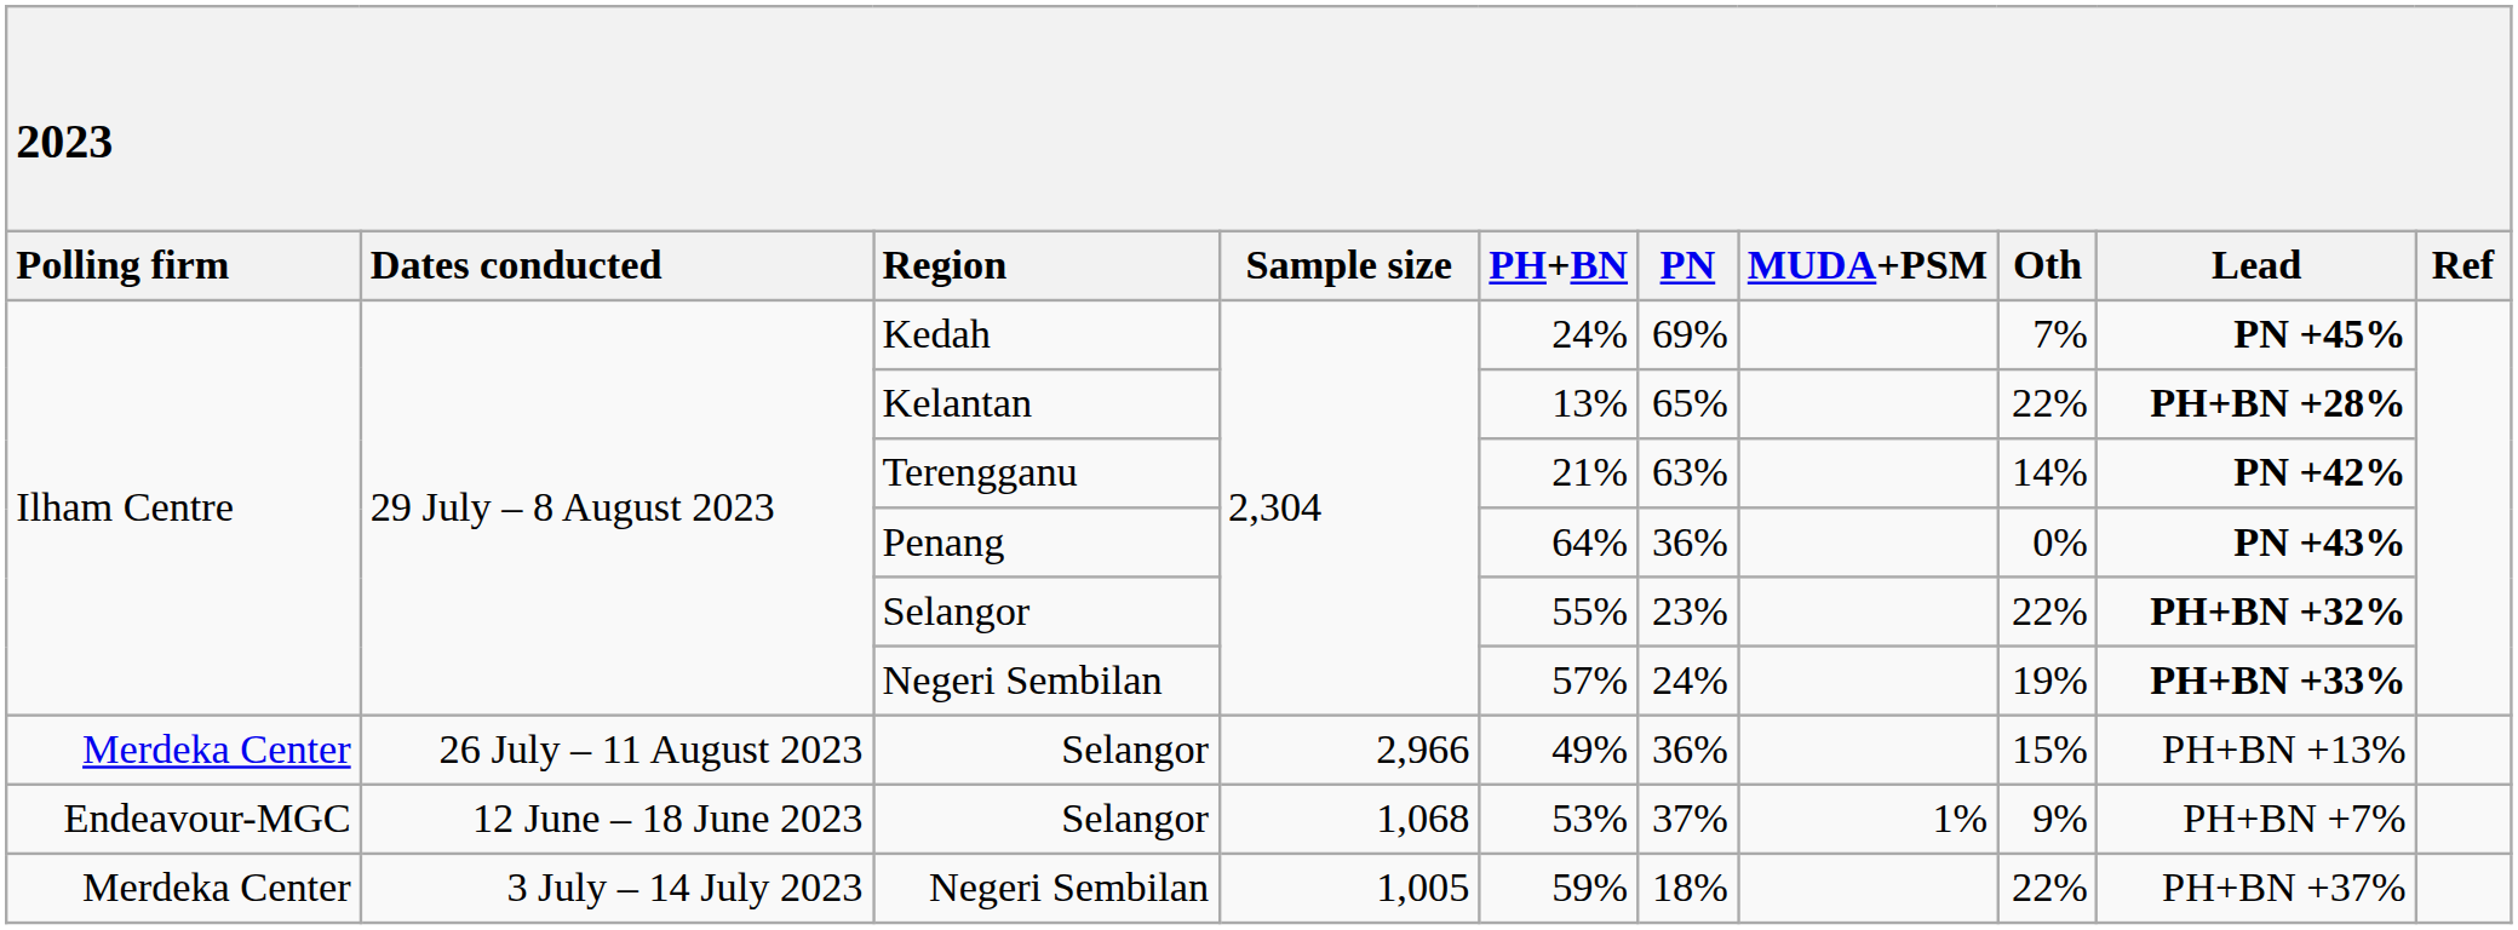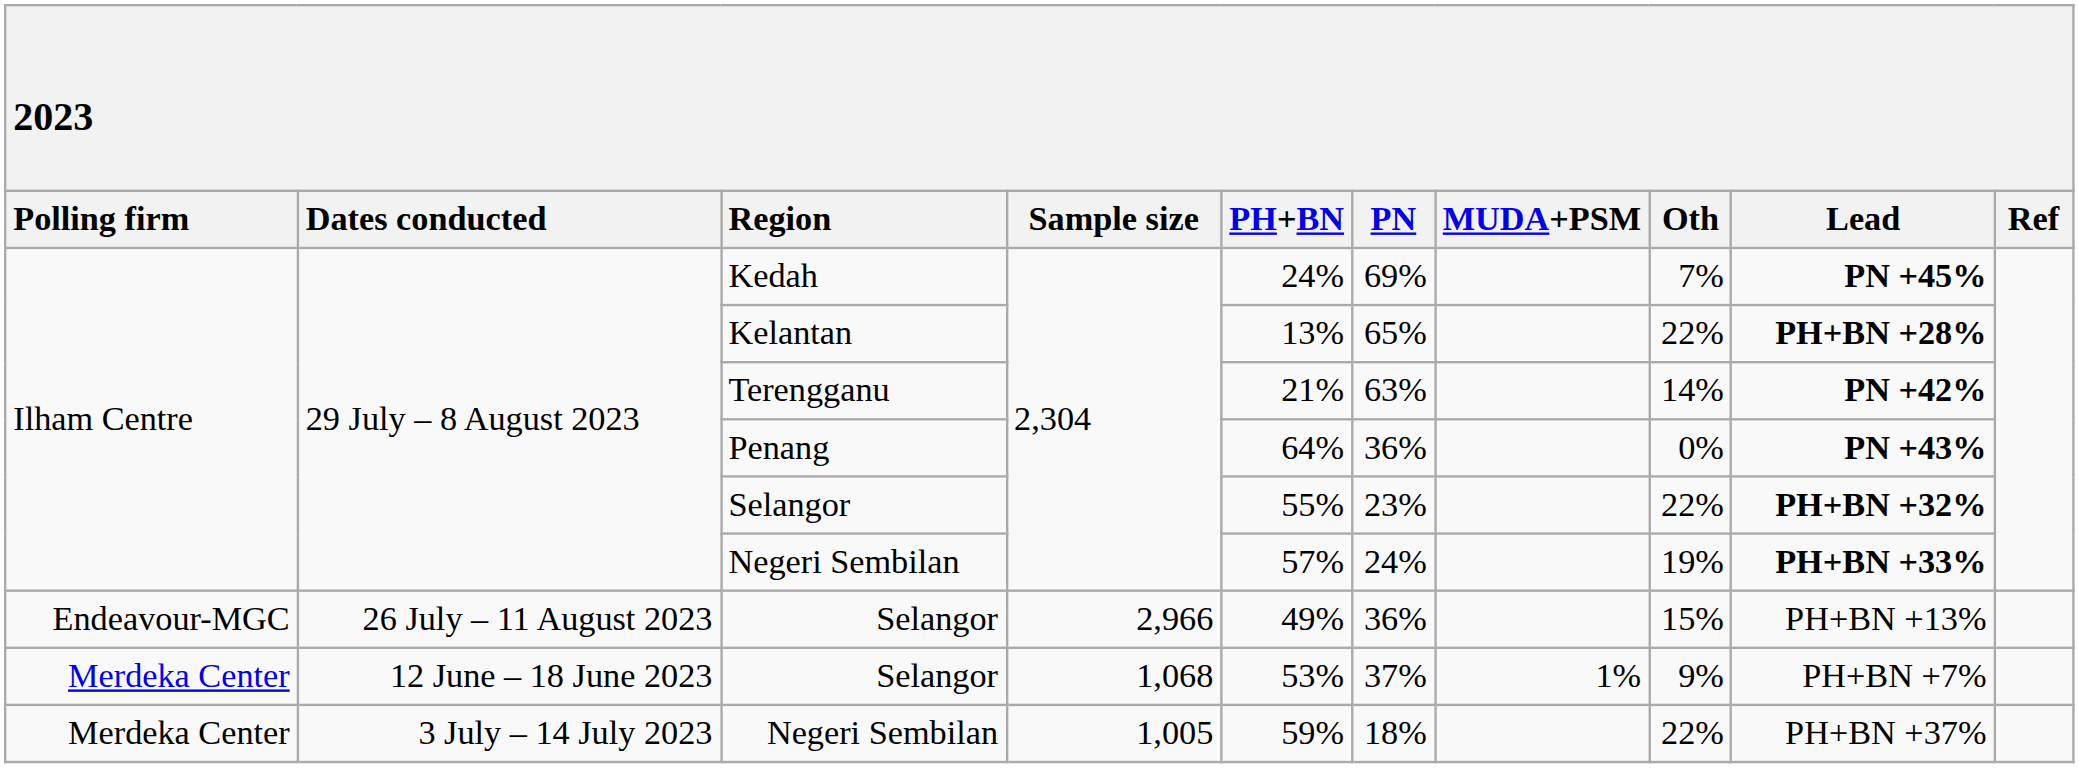 <table class="wikitable unsortable" style="text-align:right;font-size:90%;line-height:1.2">
 <tr>
 <th colspan="10" style="text-align:left"><br><h3>2023</h3></th>
 </tr>
 <tr>
 <th style="text-align:left">Polling firm</th>
 <th style="text-align:left">Dates conducted</th>
 <th style="text-align:left">Region</th>
 <th>Sample size</th>
 <th style="width:4%; "><a href='#'>PH</a>+<a href='#'>BN</a></th>
 <th style="width:4%; "><a href='#'>PN</a></th>
 <th style="width:4%; "><a href='#'>MUDA</a>+PSM</th>
 <th style="width:4%; ">Oth</th>
 <th>Lead</th>
 <th>Ref</th>
 </tr>
 <tr>
 <td rowspan="6" style="text-align:left">Ilham Centre</td>
 <td rowspan="6" style="text-align:left">29 July – 8 August 2023</td>
 <td style="text-align:left">Kedah</td>
 <td rowspan="6" style="text-align:left">2,304</td>
 <td>24%</td>
 <td>69%</td>
 <td></td>
 <td>7%</td>
 <td><strong>PN +45%</strong></td>
 <td rowspan="6" style="text-align:left"></td>
 </tr>
 <tr>
 <td style="text-align:left">Kelantan</td>
 <td>13%</td>
 <td>65%</td>
 <td></td>
 <td>22%</td>
 <td><strong>PH+BN +28%</strong></td>
 </tr>
 <tr>
 <td style="text-align:left">Terengganu</td>
 <td>21%</td>
 <td>63%</td>
 <td></td>
 <td>14%</td>
 <td><strong>PN +42%</strong></td>
 </tr>
 <tr>
 <td style="text-align:left">Penang</td>
 <td>64%</td>
 <td>36%</td>
 <td></td>
 <td>0%</td>
 <td><strong>PN +43%</strong></td>
 </tr>
 <tr>
 <td style="text-align:left">Selangor</td>
 <td>55%</td>
 <td>23%</td>
 <td></td>
 <td>22%</td>
 <td><strong>PH+BN +32%</strong></td>
 </tr>
 <tr>
 <td style="text-align:left">Negeri Sembilan</td>
 <td>57%</td>
 <td>24%</td>
 <td></td>
 <td>19%</td>
 <td><strong>PH+BN +33%</strong></td>
 </tr>
 <tr>
-<td><a href='#'>Merdeka Center</a></td>
+<td>Endeavour-MGC</td>
 <td>26 July – 11 August 2023</td>
 <td>Selangor</td>
 <td>2,966</td>
 <td>49%</td>
 <td>36%</td>
 <td></td>
 <td>15%</td>
 <td>PH+BN +13%</td>
 <td></td>
 </tr>
 <tr>
-<td>Endeavour-MGC</td>
+<td><a href='#'>Merdeka Center</a></td>
 <td>12 June – 18 June 2023</td>
 <td>Selangor</td>
 <td>1,068</td>
 <td>53%</td>
 <td>37%</td>
 <td>1%</td>
 <td>9%</td>
 <td>PH+BN +7%</td>
 <td></td>
 </tr>
 <tr>
 <td>Merdeka Center</td>
 <td>3 July – 14 July 2023</td>
 <td>Negeri Sembilan</td>
 <td>1,005</td>
 <td>59%</td>
 <td>18%</td>
 <td></td>
 <td>22%</td>
 <td>PH+BN +37%</td>
 <td></td>
 </tr>
 </table>
